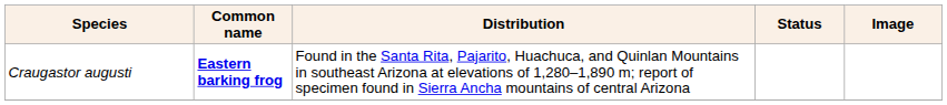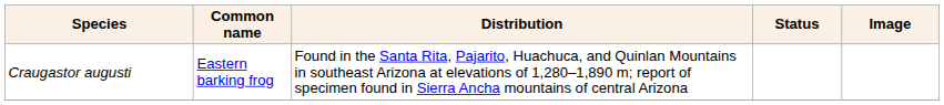 <table class="sortable wikitable plainrowheaders" border="0" style="background:#ffffff" align="top" class="sortable wikitable">
 <tr ->
 <th scope="col" style="background-color:Linen; color:Black" width=200 px>Species</th>
 <th scope="col" style="background-color:Linen; color:Black" width=100 px>Common name</th>
 <th scope="col" style="background:Linen; color:Black" width=500 px>Distribution</th>
 <th scope="col" style="background-color:Linen; color:Black" width=90 px>Status</th>
 <th scope="col" style="background:Linen; color:Black" width=100 px>Image</th>
 </tr>
 <tr>
 <td !scope="row" style="background:#ffffff"><em>Craugastor augusti</em></td>
-<td><strong><a href='#'>Eastern barking frog</a></strong></td>
+<td><a href='#'>Eastern barking frog</a></td>
 <td>Found in the <a href='#'>Santa Rita</a>,  <a href='#'>Pajarito</a>, Huachuca, and Quinlan Mountains in southeast Arizona at elevations of 1,280–1,890 m; report of specimen found in <a href='#'>Sierra Ancha</a> mountains of central Arizona</td>
 <td></td>
 <td></td>
 </tr>
 <tr>
 </tr>
 </table>
